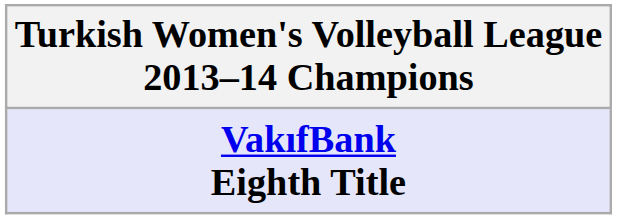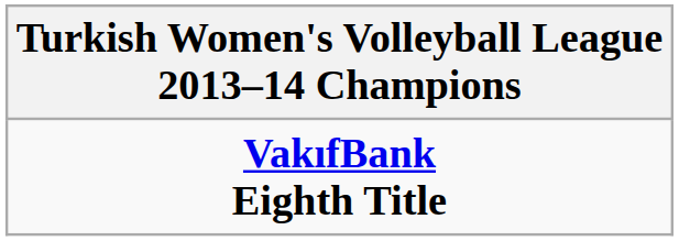 <table class=wikitable style="text-align:center; margin:auto">
 <tr>
 <th>Turkish Women's Volleyball League<br> 2013–14  Champions</th>
 </tr>
 <tr>
-<td style="background: lavender;"><strong><a href='#'>VakıfBank</a></strong> <br> <strong>Eighth Title</strong></td>
+<td><strong><a href='#'>VakıfBank</a></strong> <br> <strong>Eighth Title</strong></td>
 </tr>
 </table>
